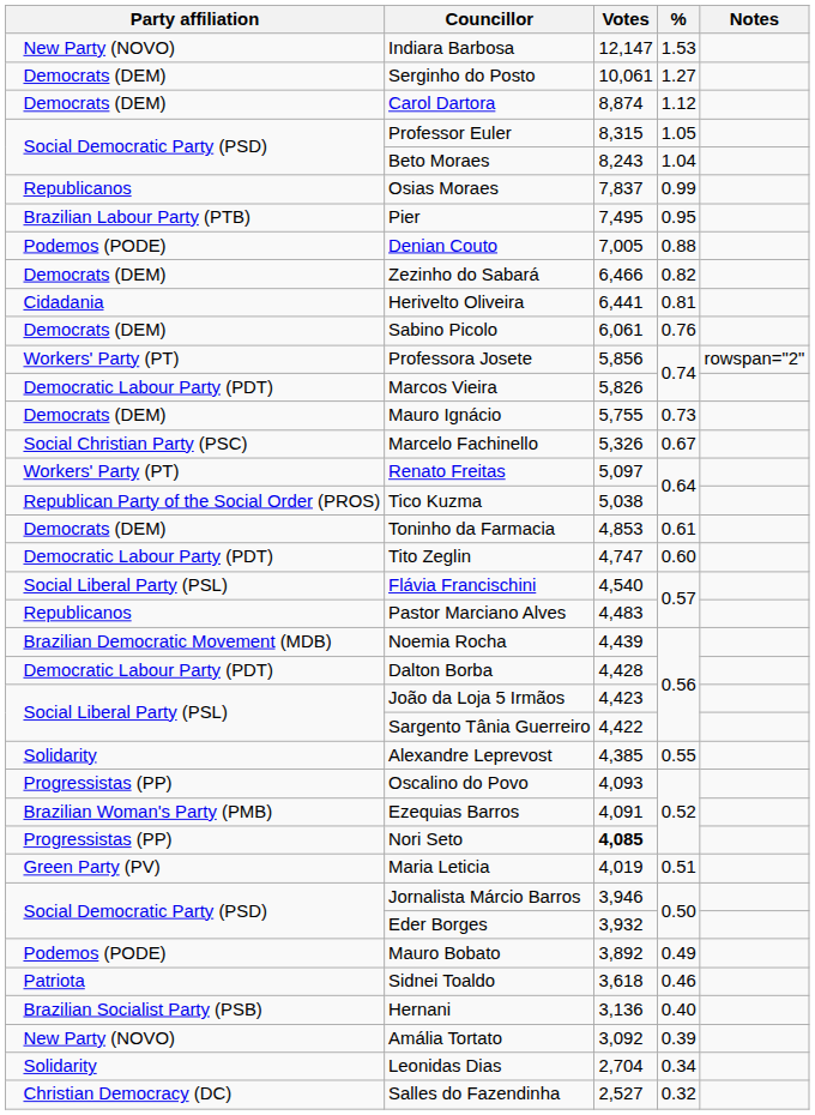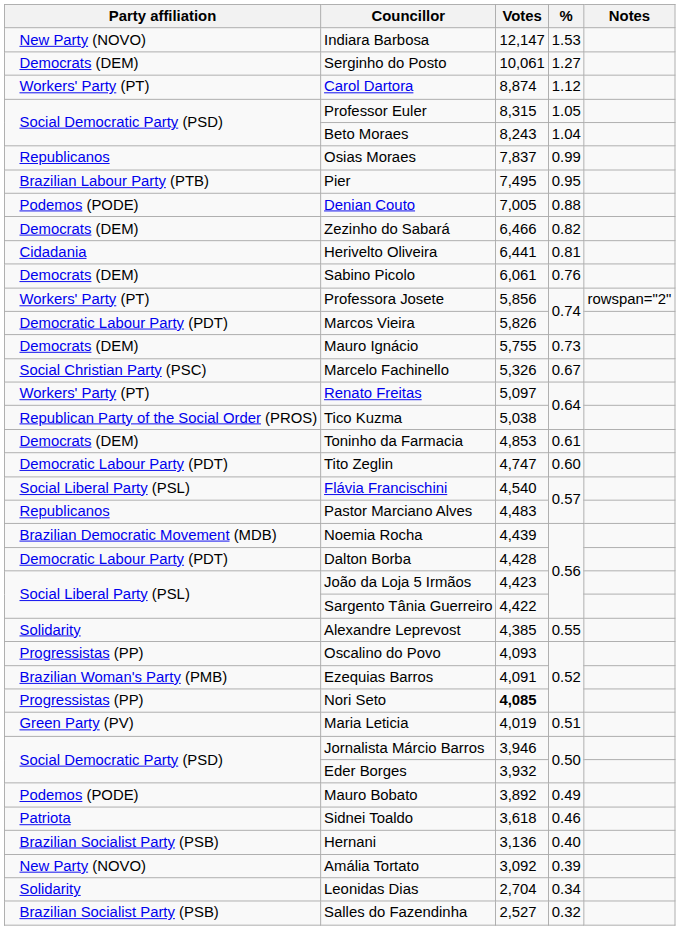 <table class="wikitable">
 <tr>
 <th>Party affiliation</th>
 <th>Councillor</th>
 <th>Votes</th>
 <th>%</th>
 <th>Notes</th>
 </tr>
 <tr>
 <td><span> </span> <a href='#'>New Party</a> (NOVO)</td>
 <td>Indiara Barbosa</td>
 <td>12,147</td>
 <td>1.53</td>
 <td></td>
 </tr>
 <tr>
 <td><span> </span> <a href='#'>Democrats</a> (DEM)</td>
 <td>Serginho do Posto</td>
 <td>10,061</td>
 <td>1.27</td>
 <td></td>
 </tr>
 <tr>
-<td><span> </span> <a href='#'>Democrats</a> (DEM)</td>
+<td><span> </span> <a href='#'>Workers' Party</a> (PT)</td>
 <td><a href='#'>Carol Dartora</a></td>
 <td>8,874</td>
 <td>1.12</td>
 <td></td>
 </tr>
 <tr>
 <td rowspan="2"><span> </span> <a href='#'>Social Democratic Party</a> (PSD)</td>
 <td>Professor Euler</td>
 <td>8,315</td>
 <td>1.05</td>
 <td></td>
 </tr>
 <tr>
 <td>Beto Moraes</td>
 <td>8,243</td>
 <td>1.04</td>
 <td></td>
 </tr>
 <tr>
 <td><span> </span> <a href='#'>Republicanos</a></td>
 <td>Osias Moraes</td>
 <td>7,837</td>
 <td>0.99</td>
 <td></td>
 </tr>
 <tr>
 <td><span> </span> <a href='#'>Brazilian Labour Party</a> (PTB)</td>
 <td>Pier</td>
 <td>7,495</td>
 <td>0.95</td>
 <td></td>
 </tr>
 <tr>
 <td><span> </span> <a href='#'>Podemos</a> (PODE)</td>
 <td><a href='#'>Denian Couto</a></td>
 <td>7,005</td>
 <td>0.88</td>
 <td></td>
 </tr>
 <tr>
 <td><span> </span> <a href='#'>Democrats</a> (DEM)</td>
 <td>Zezinho do Sabará</td>
 <td>6,466</td>
 <td>0.82</td>
 <td></td>
 </tr>
 <tr>
 <td><span> </span> <a href='#'>Cidadania</a></td>
 <td>Herivelto Oliveira</td>
 <td>6,441</td>
 <td>0.81</td>
 <td></td>
 </tr>
 <tr>
 <td><span> </span> <a href='#'>Democrats</a> (DEM)</td>
 <td>Sabino Picolo</td>
 <td>6,061</td>
 <td>0.76</td>
 <td></td>
 </tr>
 <tr>
 <td><span> </span> <a href='#'>Workers' Party</a> (PT)</td>
 <td>Professora Josete</td>
 <td>5,856</td>
 <td rowspan="2">0.74</td>
 <td>rowspan="2" </td>
 </tr>
 <tr>
 <td><span> </span> <a href='#'>Democratic Labour Party</a> (PDT)</td>
 <td>Marcos Vieira</td>
 <td>5,826</td>
 </tr>
 <tr>
 <td><span> </span> <a href='#'>Democrats</a> (DEM)</td>
 <td>Mauro Ignácio</td>
 <td>5,755</td>
 <td>0.73</td>
 <td></td>
 </tr>
 <tr>
 <td><span> </span> <a href='#'>Social Christian Party</a> (PSC)</td>
 <td>Marcelo Fachinello</td>
 <td>5,326</td>
 <td>0.67</td>
 <td></td>
 </tr>
 <tr>
 <td><span> </span> <a href='#'>Workers' Party</a> (PT)</td>
 <td><a href='#'>Renato Freitas</a></td>
 <td>5,097</td>
 <td rowspan="2">0.64</td>
 <td></td>
 </tr>
 <tr>
 <td><span> </span> <a href='#'>Republican Party of the Social Order</a> (PROS)</td>
 <td>Tico Kuzma</td>
 <td>5,038</td>
 <td></td>
 </tr>
 <tr>
 <td><span> </span> <a href='#'>Democrats</a> (DEM)</td>
 <td>Toninho da Farmacia</td>
 <td>4,853</td>
 <td>0.61</td>
 <td></td>
 </tr>
 <tr>
 <td><span> </span> <a href='#'>Democratic Labour Party</a> (PDT)</td>
 <td>Tito Zeglin</td>
 <td>4,747</td>
 <td>0.60</td>
 <td></td>
 </tr>
 <tr>
 <td><span> </span> <a href='#'>Social Liberal Party</a> (PSL)</td>
 <td><a href='#'>Flávia Francischini</a></td>
 <td>4,540</td>
 <td rowspan="2">0.57</td>
 <td></td>
 </tr>
 <tr>
 <td><span> </span> <a href='#'>Republicanos</a></td>
 <td>Pastor Marciano Alves</td>
 <td>4,483</td>
 <td></td>
 </tr>
 <tr>
 <td><span> </span> <a href='#'>Brazilian Democratic Movement</a> (MDB)</td>
 <td>Noemia Rocha</td>
 <td>4,439</td>
 <td rowspan="4">0.56</td>
 <td></td>
 </tr>
 <tr>
 <td><span> </span> <a href='#'>Democratic Labour Party</a> (PDT)</td>
 <td>Dalton Borba</td>
 <td>4,428</td>
 <td></td>
 </tr>
 <tr>
 <td rowspan="2"><span> </span> <a href='#'>Social Liberal Party</a> (PSL)</td>
 <td>João da Loja 5 Irmãos</td>
 <td>4,423</td>
 <td></td>
 </tr>
 <tr>
 <td>Sargento Tânia Guerreiro</td>
 <td>4,422</td>
 <td></td>
 </tr>
 <tr>
 <td><span> </span> <a href='#'>Solidarity</a></td>
 <td>Alexandre Leprevost</td>
 <td>4,385</td>
 <td>0.55</td>
 <td></td>
 </tr>
 <tr>
 <td><span> </span> <a href='#'>Progressistas</a> (PP)</td>
 <td>Oscalino do Povo</td>
 <td>4,093</td>
 <td rowspan="3">0.52</td>
 <td></td>
 </tr>
 <tr>
 <td><span> </span> <a href='#'>Brazilian Woman's Party</a> (PMB)</td>
 <td>Ezequias Barros</td>
 <td>4,091</td>
 <td></td>
 </tr>
 <tr>
 <td><span> </span> <a href='#'>Progressistas</a> (PP)</td>
 <td>Nori Seto</td>
 <td><strong>4,085</strong></td>
 <td></td>
 </tr>
 <tr>
 <td><span> </span> <a href='#'>Green Party</a> (PV)</td>
 <td>Maria Leticia</td>
 <td>4,019</td>
 <td>0.51</td>
 <td></td>
 </tr>
 <tr>
 <td rowspan="2"><span> </span> <a href='#'>Social Democratic Party</a> (PSD)</td>
 <td>Jornalista Márcio Barros</td>
 <td>3,946</td>
 <td rowspan="2">0.50</td>
 <td></td>
 </tr>
 <tr>
 <td>Eder Borges</td>
 <td>3,932</td>
 <td></td>
 </tr>
 <tr>
 <td><span> </span> <a href='#'>Podemos</a> (PODE)</td>
 <td>Mauro Bobato</td>
 <td>3,892</td>
 <td>0.49</td>
 <td></td>
 </tr>
 <tr>
 <td><span> </span> <a href='#'>Patriota</a></td>
 <td>Sidnei Toaldo</td>
 <td>3,618</td>
 <td>0.46</td>
 <td></td>
 </tr>
 <tr>
 <td><span> </span> <a href='#'>Brazilian Socialist Party</a> (PSB)</td>
 <td>Hernani</td>
 <td>3,136</td>
 <td>0.40</td>
 <td></td>
 </tr>
 <tr>
 <td><span> </span> <a href='#'>New Party</a> (NOVO)</td>
 <td>Amália Tortato</td>
 <td>3,092</td>
 <td>0.39</td>
 <td></td>
 </tr>
 <tr>
 <td><span> </span> <a href='#'>Solidarity</a></td>
 <td>Leonidas Dias</td>
 <td>2,704</td>
 <td>0.34</td>
 <td></td>
 </tr>
 <tr>
-<td><span> </span> <a href='#'>Christian Democracy</a> (DC)</td>
+<td><span> </span> <a href='#'>Brazilian Socialist Party</a> (PSB)</td>
 <td>Salles do Fazendinha</td>
 <td>2,527</td>
 <td>0.32</td>
 <td></td>
 </tr>
 </table>
